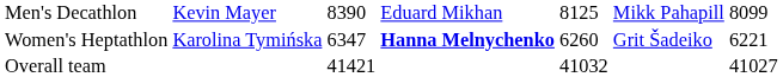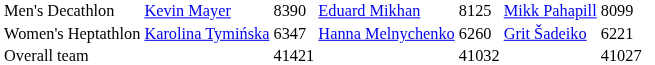 <table>
 <tr>
 <td>Men's Decathlon</td>
 <td align=left><a href='#'>Kevin Mayer</a> <br></td>
 <td>8390</td>
 <td align=left><a href='#'>Eduard Mikhan</a> <br></td>
 <td>8125</td>
 <td align=left><a href='#'>Mikk Pahapill</a> <br></td>
 <td>8099</td>
 </tr>
 <tr>
 <td>Women's Heptathlon</td>
 <td align=left><a href='#'>Karolina Tymińska</a> <br></td>
 <td>6347</td>
-<td align=left><strong><a href='#'>Hanna Melnychenko</a> <br></strong></td>
+<td align=left><a href='#'>Hanna Melnychenko</a> <br></td>
 <td>6260</td>
 <td align=left><a href='#'>Grit Šadeiko</a> <br></td>
 <td>6221</td>
 </tr>
 <tr>
 <td>Overall team</td>
 <td align=left></td>
 <td>41421</td>
 <td align=left></td>
 <td>41032</td>
 <td align=left></td>
 <td>41027</td>
 </tr>
 </table>
